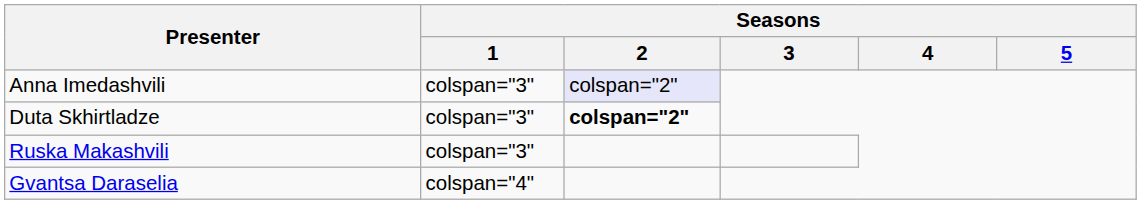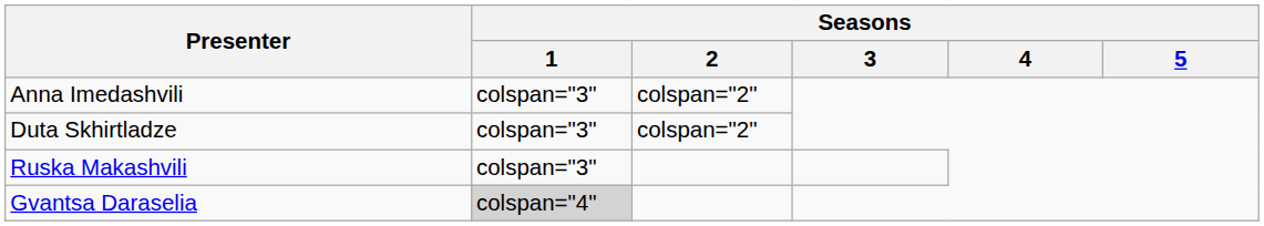 <table class="wikitable" width="70%">
 <tr>
 <th rowspan="2" width="30%">Presenter</th>
 <th colspan="5">Seasons</th>
 </tr>
 <tr>
 <th width="10%">1</th>
 <th width="10%">2</th>
 <th width="10%">3</th>
 <th width="10%">4</th>
 <th width="10%"><a href='#'>5</a></th>
 </tr>
 <tr>
 <td>Anna Imedashvili</td>
 <td>colspan="3" </td>
-<td style="background: lavender;">colspan="2" </td>
+<td>colspan="2" </td>
 </tr>
 <tr>
 <td>Duta Skhirtladze</td>
 <td>colspan="3" </td>
-<td><strong>colspan="2" </strong></td>
+<td>colspan="2" </td>
 </tr>
 <tr>
 <td><a href='#'>Ruska Makashvili</a></td>
 <td>colspan="3" </td>
 <td></td>
 <td></td>
 </tr>
 <tr>
 <td><a href='#'>Gvantsa Daraselia</a></td>
-<td>colspan="4" </td>
+<td style="background: lightgrey;">colspan="4" </td>
 <td></td>
 </tr>
 </table>
